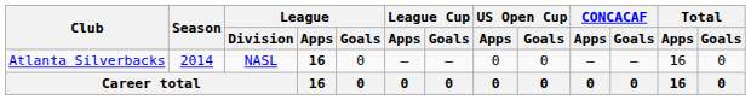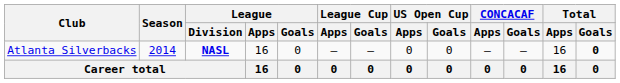 <table class="wikitable" style="text-align: center;">
 <tr>
 <th rowspan="2">Club</th>
 <th rowspan="2">Season</th>
 <th colspan="3">League</th>
 <th colspan="2">League Cup</th>
 <th colspan="2">US Open Cup</th>
 <th colspan="2"><a href='#'>CONCACAF</a></th>
 <th colspan="2">Total</th>
 </tr>
 <tr>
 <th>Division</th>
 <th>Apps</th>
 <th>Goals</th>
 <th>Apps</th>
 <th>Goals</th>
 <th>Apps</th>
 <th>Goals</th>
 <th>Apps</th>
 <th>Goals</th>
 <th>Apps</th>
 <th>Goals</th>
 </tr>
 <tr>
 <td rowspan="1"><a href='#'>Atlanta Silverbacks</a></td>
 <td><a href='#'>2014</a></td>
-<td><a href='#'>NASL</a></td>
-<td><strong>16</strong></td>
+<td><strong><a href='#'>NASL</a></strong></td>
+<td>16</td>
 <td>0</td>
 <td>—</td>
 <td>—</td>
 <td>0</td>
 <td>0</td>
 <td>—</td>
 <td>—</td>
 <td>16</td>
-<td>0</td>
+<td><strong>0</strong></td>
 </tr>
 <tr>
 <th colspan="3">Career total</th>
 <th>16</th>
 <th>0</th>
 <th>0</th>
 <th>0</th>
 <th>0</th>
 <th>0</th>
 <th>0</th>
 <th>0</th>
 <th>16</th>
 <th>0</th>
 </tr>
 </table>
